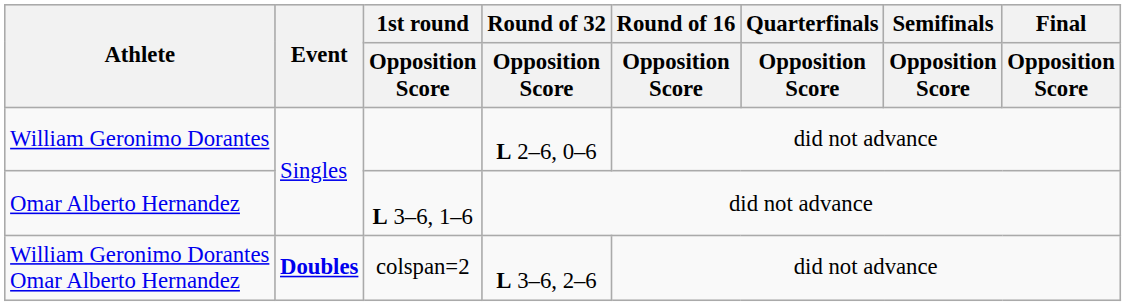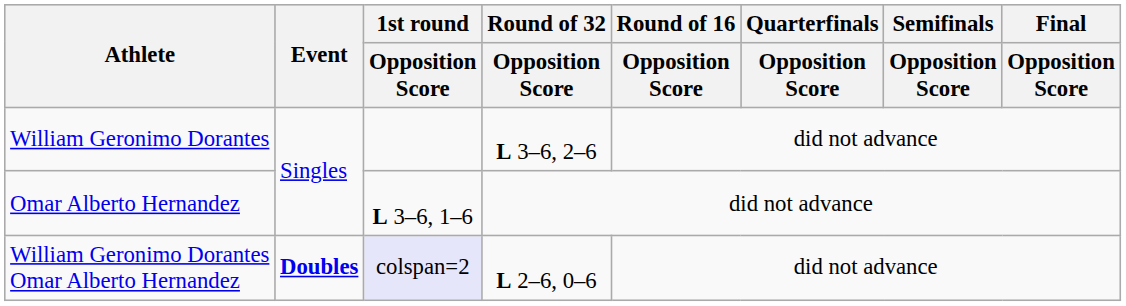 <table class="wikitable" border="1" style="font-size:90%">
 <tr>
 <th rowspan=2>Athlete</th>
 <th rowspan=2>Event</th>
 <th>1st round</th>
 <th>Round of 32</th>
 <th>Round of 16</th>
 <th>Quarterfinals</th>
 <th>Semifinals</th>
 <th>Final</th>
 </tr>
 <tr>
 <th>Opposition<br>Score</th>
 <th>Opposition<br>Score</th>
 <th>Opposition<br>Score</th>
 <th>Opposition<br>Score</th>
 <th>Opposition<br>Score</th>
 <th>Opposition<br>Score</th>
 </tr>
 <tr align=center>
 <td align=left><a href='#'>William Geronimo Dorantes</a></td>
 <td align=left rowspan="2"><a href='#'>Singles</a></td>
 <td></td>
-<td><br><strong>L</strong> 2–6, 0–6</td>
+<td><br><strong>L</strong> 3–6, 2–6</td>
 <td colspan=4>did not advance</td>
 </tr>
 <tr align=center>
 <td align=left><a href='#'>Omar Alberto Hernandez</a></td>
 <td><br><strong>L</strong> 3–6, 1–6</td>
 <td colspan=5>did not advance</td>
 </tr>
 <tr align=center>
 <td align=left><a href='#'>William Geronimo Dorantes</a><br><a href='#'>Omar Alberto Hernandez</a></td>
 <td align=left><strong><a href='#'>Doubles</a></strong></td>
-<td>colspan=2 </td>
-<td><br><strong>L</strong> 3–6, 2–6</td>
+<td style="background: lavender;">colspan=2 </td>
+<td><br><strong>L</strong> 2–6, 0–6</td>
 <td colspan=4>did not advance</td>
 </tr>
 </table>
